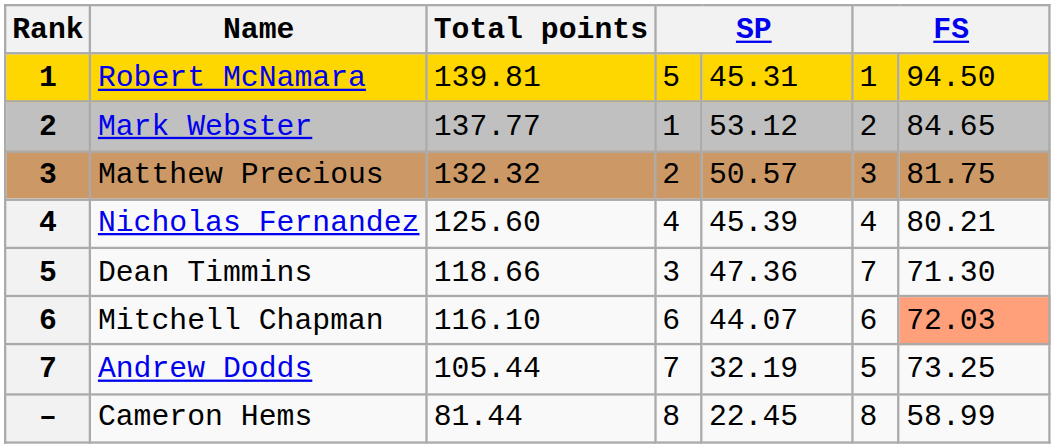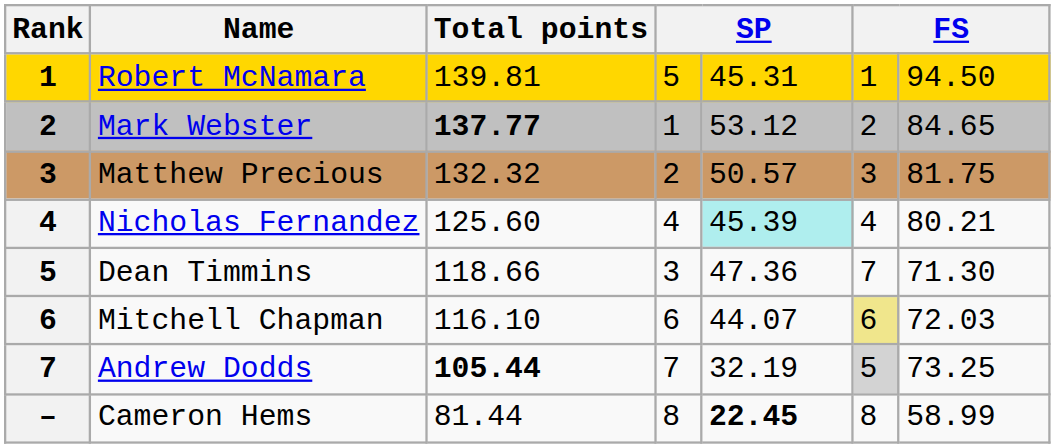 <table class="wikitable sortable">
 <tr>
 <th>Rank</th>
 <th>Name</th>
 <th>Total points</th>
 <th colspan="2" width="80px"><a href='#'>SP</a></th>
 <th colspan="2" width="80px"><a href='#'>FS</a></th>
 </tr>
 <tr bgcolor="gold">
 <td align="center"><strong>1</strong></td>
 <td><a href='#'>Robert McNamara</a></td>
 <td>139.81</td>
 <td>5</td>
 <td>45.31</td>
 <td>1</td>
 <td>94.50</td>
 </tr>
 <tr bgcolor="silver">
 <td align="center"><strong>2</strong></td>
 <td><a href='#'>Mark Webster</a></td>
-<td>137.77</td>
+<td><strong>137.77</strong></td>
 <td>1</td>
 <td>53.12</td>
 <td>2</td>
 <td>84.65</td>
 </tr>
 <tr bgcolor="cc9966">
 <td align="center"><strong>3</strong></td>
 <td>Matthew Precious</td>
 <td>132.32</td>
 <td>2</td>
 <td>50.57</td>
 <td>3</td>
 <td>81.75</td>
 </tr>
 <tr>
 <th>4</th>
 <td><a href='#'>Nicholas Fernandez</a></td>
 <td>125.60</td>
 <td>4</td>
-<td>45.39</td>
+<td style="background: paleturquoise;">45.39</td>
 <td>4</td>
 <td>80.21</td>
 </tr>
 <tr>
 <th>5</th>
 <td>Dean Timmins</td>
 <td>118.66</td>
 <td>3</td>
 <td>47.36</td>
 <td>7</td>
 <td>71.30</td>
 </tr>
 <tr>
 <th>6</th>
 <td>Mitchell Chapman</td>
 <td>116.10</td>
 <td>6</td>
 <td>44.07</td>
-<td>6</td>
-<td style="background: lightsalmon;">72.03</td>
+<td style="background: khaki;">6</td>
+<td>72.03</td>
 </tr>
 <tr>
 <th>7</th>
 <td><a href='#'>Andrew Dodds</a></td>
-<td>105.44</td>
+<td><strong>105.44</strong></td>
 <td>7</td>
 <td>32.19</td>
-<td>5</td>
+<td style="background: lightgrey;">5</td>
 <td>73.25</td>
 </tr>
 <tr>
 <th>–</th>
 <td> Cameron Hems</td>
 <td>81.44</td>
 <td>8</td>
-<td>22.45</td>
+<td><strong>22.45</strong></td>
 <td>8</td>
 <td>58.99</td>
 </tr>
 </table>
